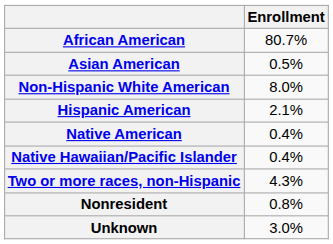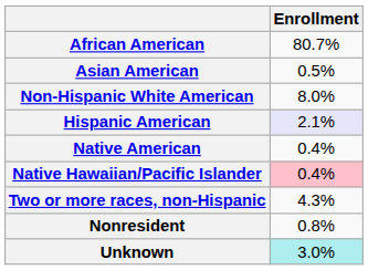 <table style="text-align:center; float:right; font-size:85%; margin-left:2em; margin:10px;"  class="wikitable">
 <tr>
 <th></th>
 <th>Enrollment</th>
 </tr>
 <tr>
 <th><a href='#'>African American</a></th>
 <td>80.7%</td>
 </tr>
 <tr>
 <th><a href='#'>Asian American</a></th>
 <td>0.5%</td>
 </tr>
 <tr>
 <th><a href='#'>Non-Hispanic White American</a></th>
 <td>8.0%</td>
 </tr>
 <tr>
 <th><a href='#'>Hispanic American</a></th>
-<td>2.1%</td>
+<td style="background: lavender;">2.1%</td>
 </tr>
 <tr>
 <th><a href='#'>Native American</a></th>
 <td>0.4%</td>
 </tr>
 <tr>
 <th><a href='#'>Native Hawaiian/Pacific Islander</a></th>
-<td>0.4%</td>
+<td style="background: pink;">0.4%</td>
 </tr>
 <tr>
 <th><a href='#'>Two or more races, non-Hispanic</a></th>
 <td>4.3%</td>
 </tr>
 <tr>
 <th>Nonresident</th>
 <td>0.8%</td>
 </tr>
 <tr>
 <th>Unknown</th>
-<td>3.0%</td>
+<td style="background: paleturquoise;">3.0%</td>
 </tr>
 </table>
